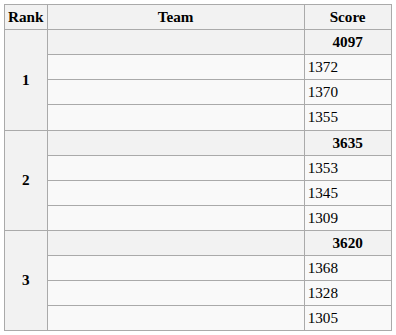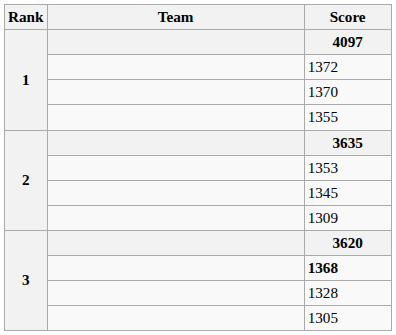 <table class="wikitable" style="font-size:95%" style="width:35em;" style="text-align:center">
 <tr>
 <th>Rank</th>
 <th width=250>Team</th>
 <th width=80>Score</th>
 </tr>
 <tr>
 <th rowspan=4>1</th>
 <th align=left></th>
 <th>4097</th>
 </tr>
 <tr>
 <td align=left></td>
 <td>1372</td>
 </tr>
 <tr>
 <td align=left></td>
 <td>1370</td>
 </tr>
 <tr>
 <td align=left></td>
 <td>1355</td>
 </tr>
 <tr>
 <th rowspan=4>2</th>
 <th align=left></th>
 <th>3635</th>
 </tr>
 <tr>
 <td align=left></td>
 <td>1353</td>
 </tr>
 <tr>
 <td align=left></td>
 <td>1345</td>
 </tr>
 <tr>
 <td align=left></td>
 <td>1309</td>
 </tr>
 <tr>
 <th rowspan=4>3</th>
 <th align=left></th>
 <th>3620</th>
 </tr>
 <tr>
 <td align=left></td>
-<td>1368</td>
+<td><strong>1368</strong></td>
 </tr>
 <tr>
 <td align=left></td>
 <td>1328</td>
 </tr>
 <tr>
 <td align=left></td>
 <td>1305</td>
 </tr>
 <tr>
 </tr>
 </table>
